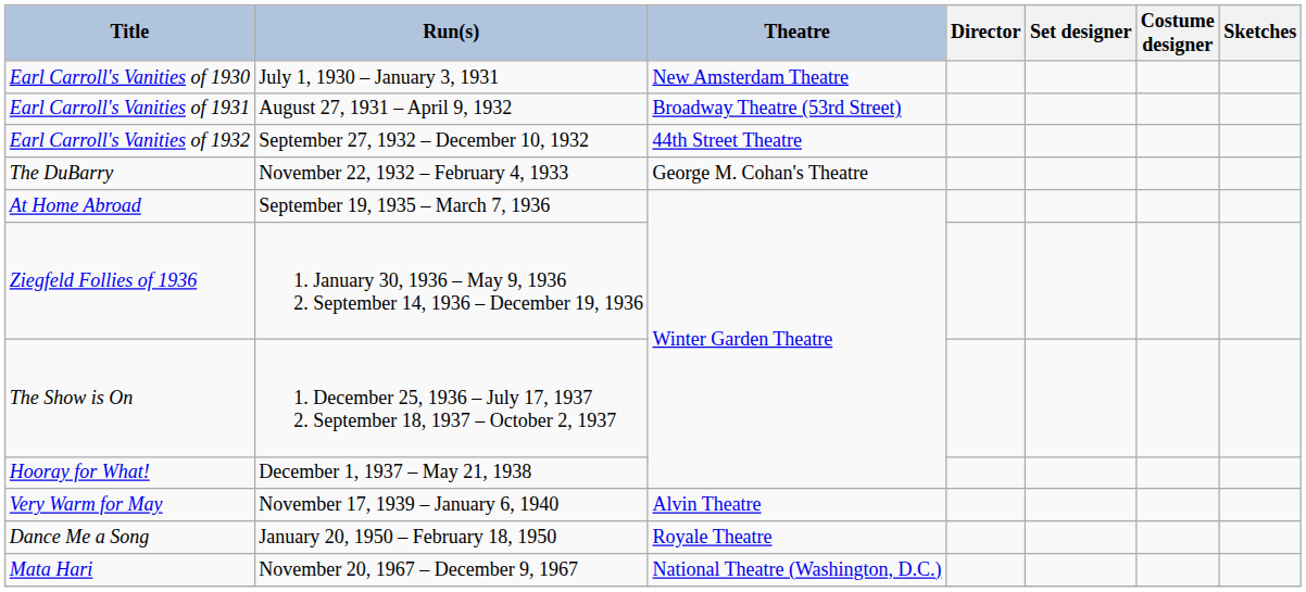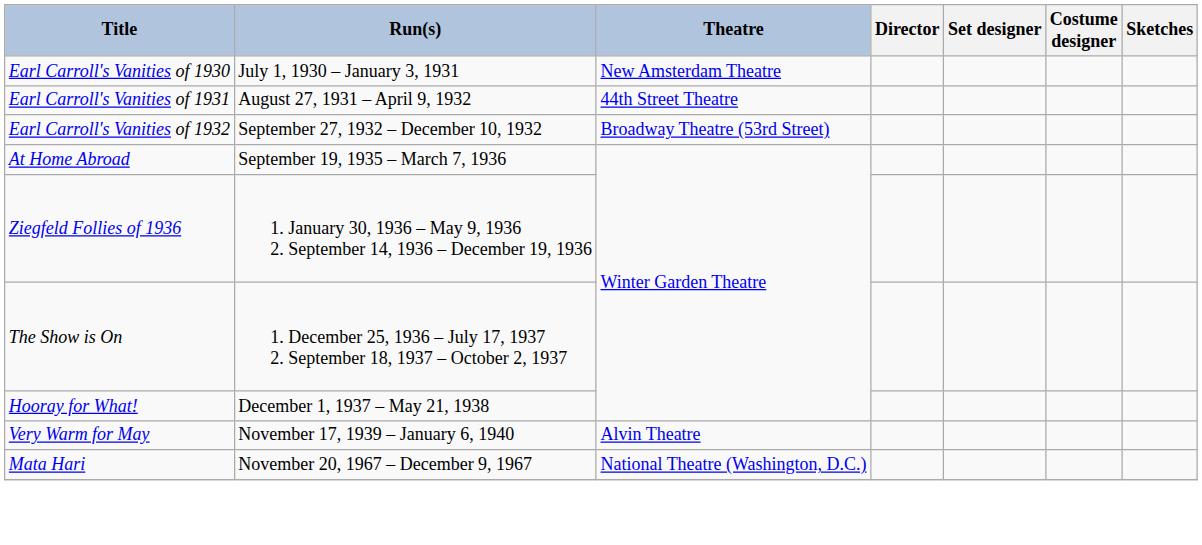 <table class="wikitable sortable mw-collapsible" style="font-size:90%;">
 <tr>
 <th style="background:#B0C4DE;">Title</th>
 <th style="background:#B0C4DE;">Run(s)</th>
 <th style="background:#B0C4DE;">Theatre</th>
 <th>Director</th>
 <th>Set designer</th>
 <th>Costume<br>designer</th>
 <th>Sketches</th>
 </tr>
 <tr>
 <td><em><a href='#'>Earl Carroll's Vanities</a> of 1930</em></td>
 <td>July 1, 1930 – January 3, 1931</td>
 <td><a href='#'>New Amsterdam Theatre</a></td>
 <td></td>
 <td></td>
 <td></td>
 <td></td>
 </tr>
 <tr>
 <td><em><a href='#'>Earl Carroll's Vanities</a> of 1931</em></td>
 <td>August 27, 1931 – April 9, 1932</td>
-<td><a href='#'>Broadway Theatre (53rd Street)</a></td>
+<td><a href='#'>44th Street Theatre</a></td>
 <td></td>
 <td></td>
 <td></td>
 <td></td>
 </tr>
 <tr>
 <td><em><a href='#'>Earl Carroll's Vanities</a> of 1932</em></td>
 <td>September 27, 1932 – December 10, 1932</td>
-<td><a href='#'>44th Street Theatre</a></td>
-<td></td>
-<td></td>
-<td></td>
-<td></td>
-</tr>
-<tr>
-<td><em>The DuBarry</em></td>
-<td>November 22, 1932 – February 4, 1933</td>
-<td>George M. Cohan's Theatre</td>
+<td><a href='#'>Broadway Theatre (53rd Street)</a></td>
 <td></td>
 <td></td>
 <td></td>
 <td></td>
 </tr>
 <tr>
 <td><em><a href='#'>At Home Abroad</a></em></td>
 <td>September 19, 1935 – March 7, 1936</td>
 <td rowspan="4"><a href='#'>Winter Garden Theatre</a></td>
 <td></td>
 <td></td>
 <td></td>
 <td></td>
 </tr>
 <tr>
 <td><em><a href='#'>Ziegfeld Follies of 1936</a></em></td>
 <td><br><ol><li>January 30, 1936 – May 9, 1936</li><li>September 14, 1936 – December 19, 1936</li></ol></td>
 <td></td>
 <td></td>
 <td></td>
 <td></td>
 </tr>
 <tr>
 <td><em>The Show is On</em></td>
 <td><br><ol><li>December 25, 1936 – July 17, 1937</li><li>September 18, 1937 – October 2, 1937</li></ol></td>
 <td></td>
 <td></td>
 <td></td>
 <td></td>
 </tr>
 <tr>
 <td><em><a href='#'>Hooray for What!</a></em></td>
 <td>December 1, 1937 – May 21, 1938</td>
 <td></td>
 <td></td>
 <td></td>
 <td></td>
 </tr>
 <tr>
 <td><em><a href='#'>Very Warm for May</a></em></td>
 <td>November 17, 1939 – January 6, 1940</td>
 <td><a href='#'>Alvin Theatre</a></td>
 <td></td>
 <td></td>
 <td></td>
 <td></td>
 </tr>
 <tr>
-<td><em>Dance Me a Song</em></td>
-<td>January 20, 1950 – February 18, 1950</td>
-<td><a href='#'>Royale Theatre</a></td>
-<td></td>
-<td></td>
-<td></td>
-<td></td>
-</tr>
-<tr>
 <td><em><a href='#'>Mata Hari</a></em></td>
 <td>November 20, 1967 – December 9, 1967</td>
 <td><a href='#'>National Theatre (Washington, D.C.)</a></td>
 <td></td>
 <td></td>
 <td></td>
 <td></td>
 </tr>
 <tr>
 </tr>
 </table>
